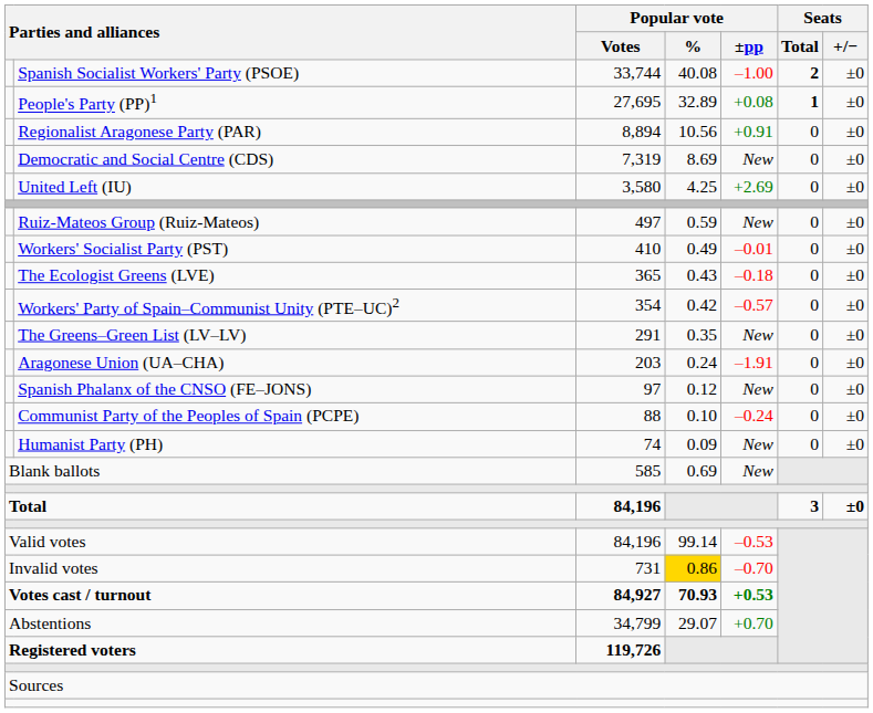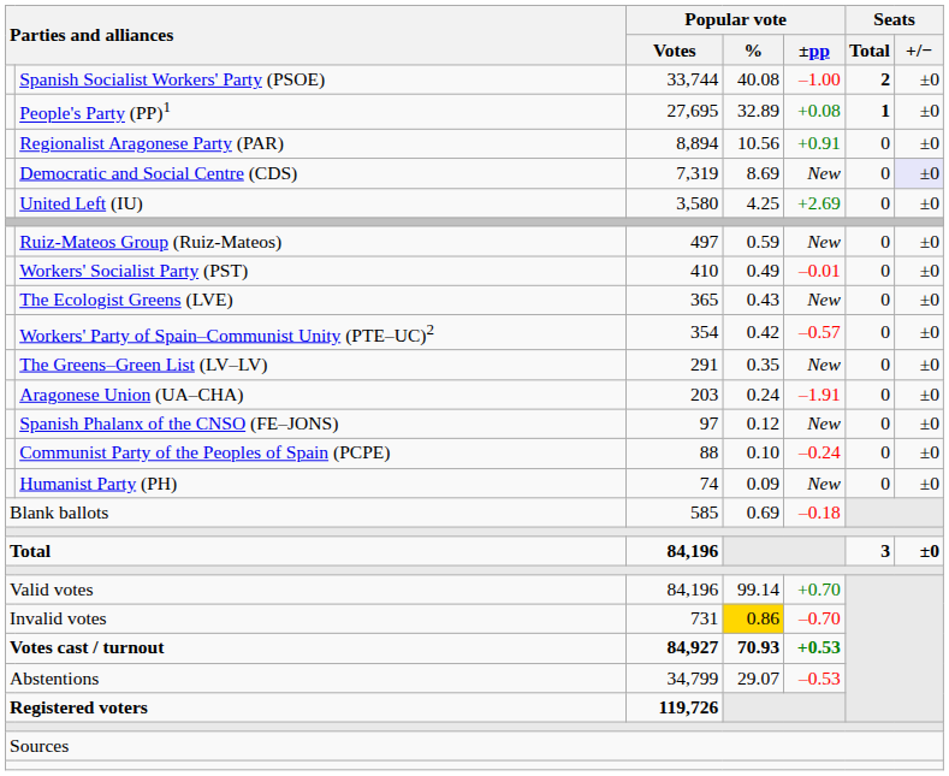 <table class="wikitable" style="text-align:right;">
 <tr>
 <th style="text-align:left;" rowspan="2" colspan="2" width="525">Parties and alliances</th>
 <th colspan="3">Popular vote</th>
 <th colspan="2">Seats</th>
 </tr>
 <tr>
 <th width="75">Votes</th>
 <th width="45">%</th>
 <th width="45">±<a href='#'>pp</a></th>
 <th width="35">Total</th>
 <th width="35">+/−</th>
 </tr>
 <tr>
 <td width="1" style="color:inherit;background:"></td>
 <td align="left"><a href='#'>Spanish Socialist Workers' Party</a> (PSOE)</td>
 <td>33,744</td>
 <td>40.08</td>
 <td style="color:red;">–1.00</td>
 <td><strong>2</strong></td>
 <td>±0</td>
 </tr>
 <tr>
 <td style="color:inherit;background:"></td>
 <td align="left"><a href='#'>People's Party</a> (PP)<sup>1</sup></td>
 <td>27,695</td>
 <td>32.89</td>
 <td style="color:green;">+0.08</td>
 <td><strong>1</strong></td>
 <td>±0</td>
 </tr>
 <tr>
 <td style="color:inherit;background:"></td>
 <td align="left"><a href='#'>Regionalist Aragonese Party</a> (PAR)</td>
 <td>8,894</td>
 <td>10.56</td>
 <td style="color:green;">+0.91</td>
 <td>0</td>
 <td>±0</td>
 </tr>
 <tr>
 <td style="color:inherit;background:"></td>
 <td align="left"><a href='#'>Democratic and Social Centre</a> (CDS)</td>
 <td>7,319</td>
 <td>8.69</td>
 <td><em>New</em></td>
 <td>0</td>
-<td>±0</td>
+<td style="background: lavender;">±0</td>
 </tr>
 <tr>
 <td style="color:inherit;background:"></td>
 <td align="left"><a href='#'>United Left</a> (IU)</td>
 <td>3,580</td>
 <td>4.25</td>
 <td style="color:green;">+2.69</td>
 <td>0</td>
 <td>±0</td>
 </tr>
 <tr>
 <td colspan="7" bgcolor="#C0C0C0"></td>
 </tr>
 <tr>
 <td style="color:inherit;background:"></td>
 <td align="left"><a href='#'>Ruiz-Mateos Group</a> (Ruiz-Mateos)</td>
 <td>497</td>
 <td>0.59</td>
 <td><em>New</em></td>
 <td>0</td>
 <td>±0</td>
 </tr>
 <tr>
 <td style="color:inherit;background:"></td>
 <td align="left"><a href='#'>Workers' Socialist Party</a> (PST)</td>
 <td>410</td>
 <td>0.49</td>
 <td style="color:red;">–0.01</td>
 <td>0</td>
 <td>±0</td>
 </tr>
 <tr>
 <td style="color:inherit;background:"></td>
 <td align="left"><a href='#'>The Ecologist Greens</a> (LVE)</td>
 <td>365</td>
 <td>0.43</td>
-<td style="color:red;">–0.18</td>
+<td><em>New</em></td>
 <td>0</td>
 <td>±0</td>
 </tr>
 <tr>
 <td style="color:inherit;background:"></td>
 <td align="left"><a href='#'>Workers' Party of Spain–Communist Unity</a> (PTE–UC)<sup>2</sup></td>
 <td>354</td>
 <td>0.42</td>
 <td style="color:red;">–0.57</td>
 <td>0</td>
 <td>±0</td>
 </tr>
 <tr>
 <td style="color:inherit;background:"></td>
 <td align="left"><a href='#'>The Greens–Green List</a> (LV–LV)</td>
 <td>291</td>
 <td>0.35</td>
 <td><em>New</em></td>
 <td>0</td>
 <td>±0</td>
 </tr>
 <tr>
 <td style="color:inherit;background:"></td>
 <td align="left"><a href='#'>Aragonese Union</a> (UA–CHA)</td>
 <td>203</td>
 <td>0.24</td>
 <td style="color:red;">–1.91</td>
 <td>0</td>
 <td>±0</td>
 </tr>
 <tr>
 <td style="color:inherit;background:"></td>
 <td align="left"><a href='#'>Spanish Phalanx of the CNSO</a> (FE–JONS)</td>
 <td>97</td>
 <td>0.12</td>
 <td><em>New</em></td>
 <td>0</td>
 <td>±0</td>
 </tr>
 <tr>
 <td style="color:inherit;background:"></td>
 <td align="left"><a href='#'>Communist Party of the Peoples of Spain</a> (PCPE)</td>
 <td>88</td>
 <td>0.10</td>
 <td style="color:red;">–0.24</td>
 <td>0</td>
 <td>±0</td>
 </tr>
 <tr>
 <td style="color:inherit;background:"></td>
 <td align="left"><a href='#'>Humanist Party</a> (PH)</td>
 <td>74</td>
 <td>0.09</td>
 <td><em>New</em></td>
 <td>0</td>
 <td>±0</td>
 </tr>
 <tr>
 <td align="left" colspan="2">Blank ballots</td>
 <td>585</td>
 <td>0.69</td>
-<td><em>New</em></td>
+<td style="color:red;">–0.18</td>
 <td bgcolor="#E9E9E9" colspan="2"></td>
 </tr>
 <tr>
 <td colspan="7" bgcolor="#E9E9E9"></td>
 </tr>
 <tr style="font-weight:bold;">
 <td align="left" colspan="2">Total</td>
 <td>84,196</td>
 <td bgcolor="#E9E9E9" colspan="2"></td>
 <td>3</td>
 <td>±0</td>
 </tr>
 <tr>
 <td colspan="7" bgcolor="#E9E9E9"></td>
 </tr>
 <tr>
 <td align="left" colspan="2">Valid votes</td>
 <td>84,196</td>
 <td>99.14</td>
-<td style="color:red;">–0.53</td>
+<td style="color:green;">+0.70</td>
 <td bgcolor="#E9E9E9" colspan="2" rowspan="5"></td>
 </tr>
 <tr>
 <td align="left" colspan="2">Invalid votes</td>
 <td>731</td>
 <td style="background: gold;">0.86</td>
 <td style="color:red;">–0.70</td>
 </tr>
 <tr style="font-weight:bold;">
 <td align="left" colspan="2">Votes cast / turnout</td>
 <td>84,927</td>
 <td>70.93</td>
 <td style="color:green;">+0.53</td>
 </tr>
 <tr>
 <td align="left" colspan="2">Abstentions</td>
 <td>34,799</td>
 <td>29.07</td>
-<td style="color:green;">+0.70</td>
+<td style="color:red;">–0.53</td>
 </tr>
 <tr style="font-weight:bold;">
 <td align="left" colspan="2">Registered voters</td>
 <td>119,726</td>
 <td bgcolor="#E9E9E9" colspan="2"></td>
 </tr>
 <tr>
 <td colspan="7" bgcolor="#E9E9E9"></td>
 </tr>
 <tr>
 <td align="left" colspan="7">Sources</td>
 </tr>
 <tr>
 <td colspan="7" style="text-align:left; max-width:790px;"></td>
 </tr>
 </table>
